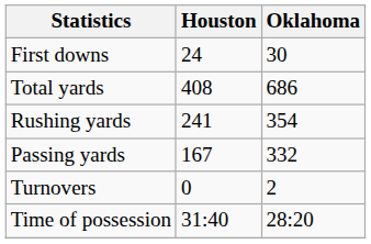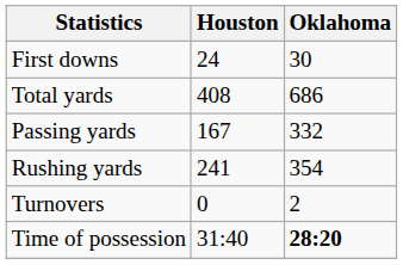 <table class="wikitable" style="float: right;">
 <tr>
 <th>Statistics</th>
 <th>Houston</th>
 <th>Oklahoma</th>
 </tr>
 <tr>
 <td>First downs</td>
 <td>24</td>
 <td>30</td>
 </tr>
 <tr>
 <td>Total yards</td>
 <td>408</td>
 <td>686</td>
 </tr>
 <tr>
+<td>Passing yards</td>
+<td>167</td>
+<td>332</td>
+</tr>
+<tr>
 <td>Rushing yards</td>
 <td>241</td>
 <td>354</td>
-</tr>
-<tr>
-<td>Passing yards</td>
-<td>167</td>
-<td>332</td>
 </tr>
 <tr>
 <td>Turnovers</td>
 <td>0</td>
 <td>2</td>
 </tr>
 <tr>
 <td>Time of possession</td>
 <td>31:40</td>
-<td>28:20</td>
+<td><strong>28:20</strong></td>
 </tr>
 <tr>
 </tr>
 </table>
